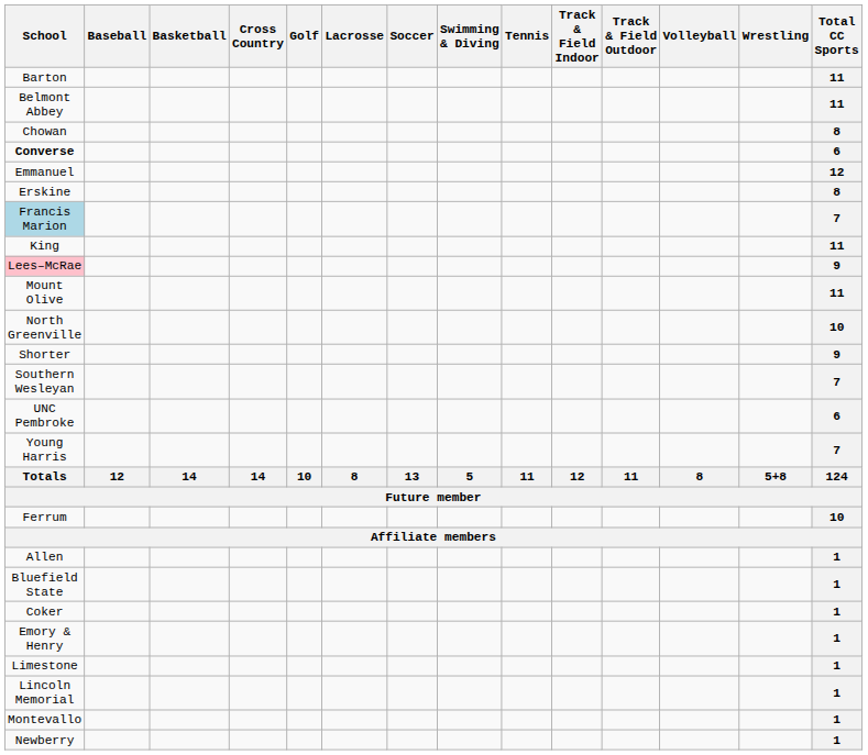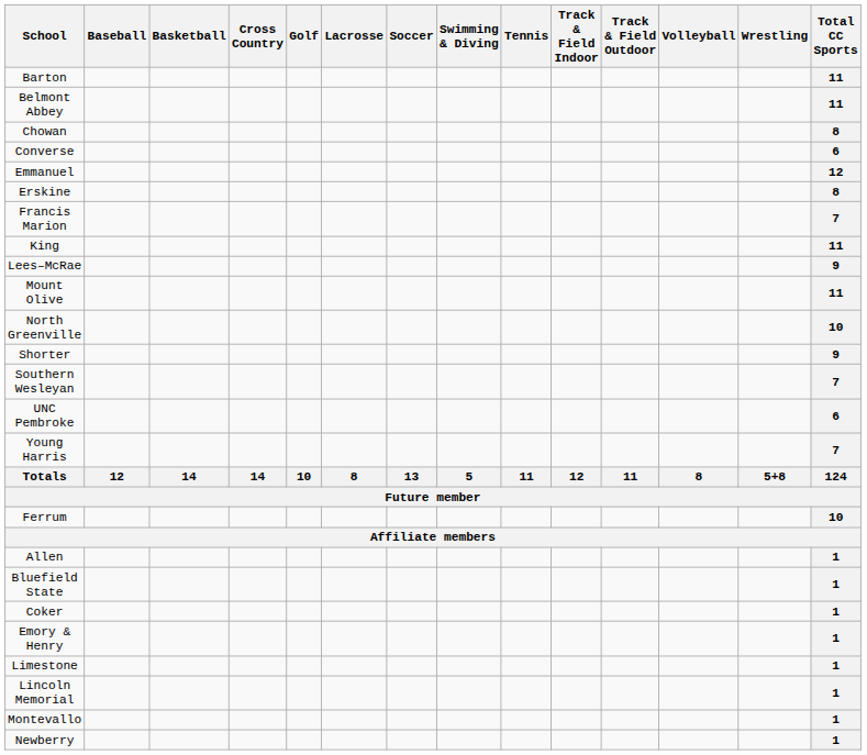 <table class="wikitable" style="text-align:center">
 <tr>
 <th>School</th>
 <th>Baseball</th>
 <th>Basketball</th>
 <th>Cross<br>Country</th>
 <th>Golf</th>
 <th>Lacrosse</th>
 <th>Soccer</th>
 <th>Swimming<br>& Diving</th>
 <th>Tennis</th>
 <th>Track<br>& Field<br>Indoor</th>
 <th>Track<br>& Field<br>Outdoor</th>
 <th>Volleyball</th>
 <th>Wrestling</th>
 <th>Total<br>CC<br>Sports</th>
 </tr>
 <tr>
 <td>Barton</td>
 <td></td>
 <td></td>
 <td></td>
 <td></td>
 <td></td>
 <td></td>
 <td></td>
 <td></td>
 <td></td>
 <td></td>
 <td></td>
 <td></td>
 <th>11</th>
 </tr>
 <tr>
 <td>Belmont Abbey</td>
 <td></td>
 <td></td>
 <td></td>
 <td></td>
 <td></td>
 <td></td>
 <td></td>
 <td></td>
 <td></td>
 <td></td>
 <td></td>
 <td></td>
 <th>11</th>
 </tr>
 <tr>
 <td>Chowan</td>
 <td></td>
 <td></td>
 <td></td>
 <td></td>
 <td></td>
 <td></td>
 <td></td>
 <td></td>
 <td></td>
 <td></td>
 <td></td>
 <td></td>
 <th>8</th>
 </tr>
 <tr>
-<td><strong>Converse</strong></td>
+<td>Converse</td>
 <td></td>
 <td></td>
 <td></td>
 <td></td>
 <td></td>
 <td></td>
 <td></td>
 <td></td>
 <td></td>
 <td></td>
 <td></td>
 <td></td>
 <th>6</th>
 </tr>
 <tr>
 <td>Emmanuel</td>
 <td></td>
 <td></td>
 <td></td>
 <td></td>
 <td></td>
 <td></td>
 <td></td>
 <td></td>
 <td></td>
 <td></td>
 <td></td>
 <td></td>
 <th>12</th>
 </tr>
 <tr>
 <td>Erskine</td>
 <td></td>
 <td></td>
 <td></td>
 <td></td>
 <td></td>
 <td></td>
 <td></td>
 <td></td>
 <td></td>
 <td></td>
 <td></td>
 <td></td>
 <th>8</th>
 </tr>
 <tr>
-<td style="background: lightblue;">Francis Marion</td>
+<td>Francis Marion</td>
 <td></td>
 <td></td>
 <td></td>
 <td></td>
 <td></td>
 <td></td>
 <td></td>
 <td></td>
 <td></td>
 <td></td>
 <td></td>
 <td></td>
 <th>7</th>
 </tr>
 <tr>
 <td>King</td>
 <td></td>
 <td></td>
 <td></td>
 <td></td>
 <td></td>
 <td></td>
 <td></td>
 <td></td>
 <td></td>
 <td></td>
 <td></td>
 <td></td>
 <th>11</th>
 </tr>
 <tr>
-<td style="background: pink;">Lees–McRae</td>
+<td>Lees–McRae</td>
 <td></td>
 <td></td>
 <td></td>
 <td></td>
 <td></td>
 <td></td>
 <td></td>
 <td></td>
 <td></td>
 <td></td>
 <td></td>
 <td></td>
 <th>9</th>
 </tr>
 <tr>
 <td>Mount Olive</td>
 <td></td>
 <td></td>
 <td></td>
 <td></td>
 <td></td>
 <td></td>
 <td></td>
 <td></td>
 <td></td>
 <td></td>
 <td></td>
 <td></td>
 <th>11</th>
 </tr>
 <tr>
 <td>North Greenville</td>
 <td></td>
 <td></td>
 <td></td>
 <td></td>
 <td></td>
 <td></td>
 <td></td>
 <td></td>
 <td></td>
 <td></td>
 <td></td>
 <td></td>
 <th>10</th>
 </tr>
 <tr>
 <td>Shorter</td>
 <td></td>
 <td></td>
 <td></td>
 <td></td>
 <td></td>
 <td></td>
 <td></td>
 <td></td>
 <td></td>
 <td></td>
 <td></td>
 <td></td>
 <th>9</th>
 </tr>
 <tr>
 <td>Southern Wesleyan</td>
 <td></td>
 <td></td>
 <td></td>
 <td></td>
 <td></td>
 <td></td>
 <td></td>
 <td></td>
 <td></td>
 <td></td>
 <td></td>
 <td></td>
 <th>7</th>
 </tr>
 <tr>
 <td>UNC Pembroke</td>
 <td></td>
 <td></td>
 <td></td>
 <td></td>
 <td></td>
 <td></td>
 <td></td>
 <td></td>
 <td></td>
 <td></td>
 <td></td>
 <td></td>
 <th>6</th>
 </tr>
 <tr>
 <td>Young Harris</td>
 <td></td>
 <td></td>
 <td></td>
 <td></td>
 <td></td>
 <td></td>
 <td></td>
 <td></td>
 <td></td>
 <td></td>
 <td></td>
 <td></td>
 <th>7</th>
 </tr>
 <tr>
 <th>Totals</th>
 <th>12</th>
 <th>14</th>
 <th>14</th>
 <th>10</th>
 <th>8</th>
 <th>13</th>
 <th>5</th>
 <th>11</th>
 <th>12</th>
 <th>11</th>
 <th>8</th>
 <th>5+8</th>
 <th>124</th>
 </tr>
 <tr>
 <th colspan=14>Future member</th>
 </tr>
 <tr>
 <td>Ferrum</td>
 <td></td>
 <td></td>
 <td></td>
 <td></td>
 <td></td>
 <td></td>
 <td></td>
 <td></td>
 <td></td>
 <td></td>
 <td></td>
 <td></td>
 <th>10</th>
 </tr>
 <tr>
 <th colspan=14>Affiliate members</th>
 </tr>
 <tr>
 <td>Allen</td>
 <td></td>
 <td></td>
 <td></td>
 <td></td>
 <td></td>
 <td></td>
 <td></td>
 <td></td>
 <td></td>
 <td></td>
 <td></td>
 <td></td>
 <th>1</th>
 </tr>
 <tr>
 <td>Bluefield State</td>
 <td></td>
 <td></td>
 <td></td>
 <td></td>
 <td></td>
 <td></td>
 <td></td>
 <td></td>
 <td></td>
 <td></td>
 <td></td>
 <td></td>
 <th>1</th>
 </tr>
 <tr>
 <td>Coker</td>
 <td></td>
 <td></td>
 <td></td>
 <td></td>
 <td></td>
 <td></td>
 <td></td>
 <td></td>
 <td></td>
 <td></td>
 <td></td>
 <td></td>
 <th>1</th>
 </tr>
 <tr>
 <td>Emory & Henry</td>
 <td></td>
 <td></td>
 <td></td>
 <td></td>
 <td></td>
 <td></td>
 <td></td>
 <td></td>
 <td></td>
 <td></td>
 <td></td>
 <td></td>
 <th>1</th>
 </tr>
 <tr>
 <td>Limestone</td>
 <td></td>
 <td></td>
 <td></td>
 <td></td>
 <td></td>
 <td></td>
 <td></td>
 <td></td>
 <td></td>
 <td></td>
 <td></td>
 <td></td>
 <th>1</th>
 </tr>
 <tr>
 <td>Lincoln Memorial</td>
 <td></td>
 <td></td>
 <td></td>
 <td></td>
 <td></td>
 <td></td>
 <td></td>
 <td></td>
 <td></td>
 <td></td>
 <td></td>
 <td></td>
 <th>1</th>
 </tr>
 <tr>
 <td>Montevallo</td>
 <td></td>
 <td></td>
 <td></td>
 <td></td>
 <td></td>
 <td></td>
 <td></td>
 <td></td>
 <td></td>
 <td></td>
 <td></td>
 <td></td>
 <th>1</th>
 </tr>
 <tr>
 <td>Newberry</td>
 <td></td>
 <td></td>
 <td></td>
 <td></td>
 <td></td>
 <td></td>
 <td></td>
 <td></td>
 <td></td>
 <td></td>
 <td></td>
 <td></td>
 <th>1</th>
 </tr>
 </table>
